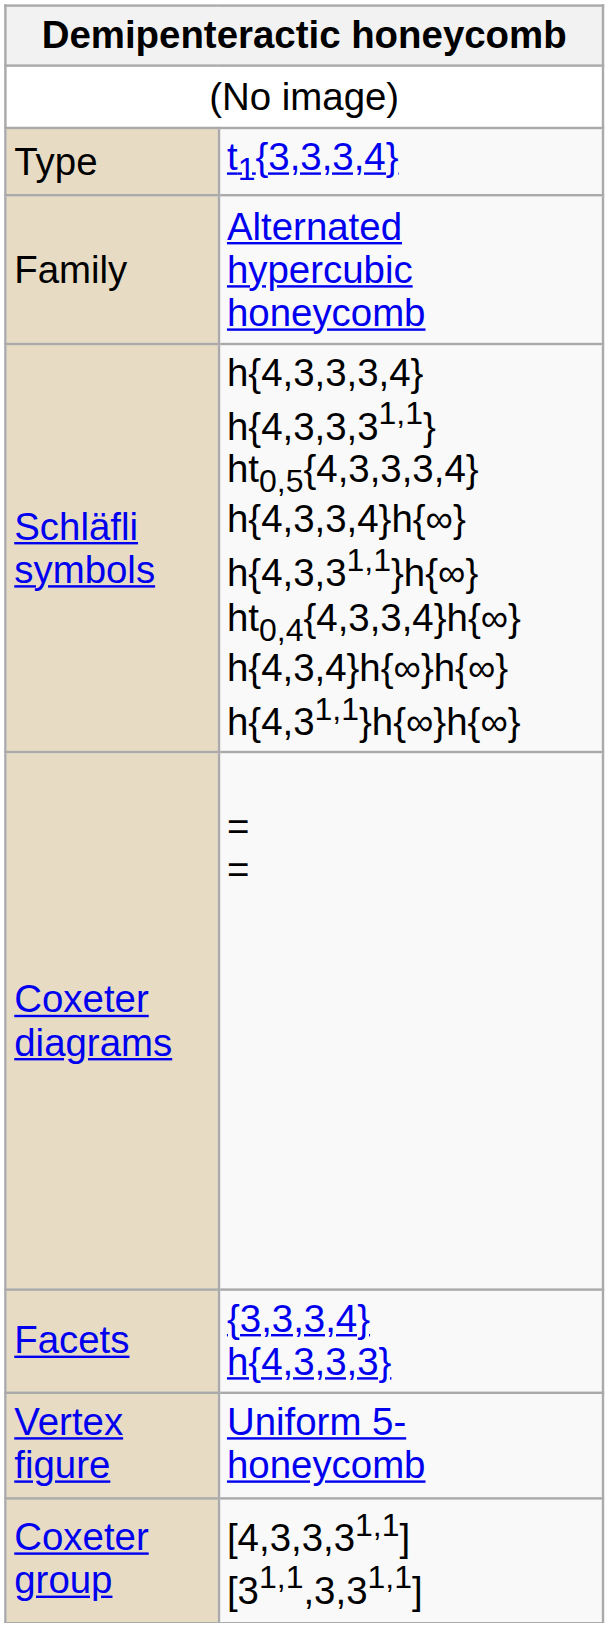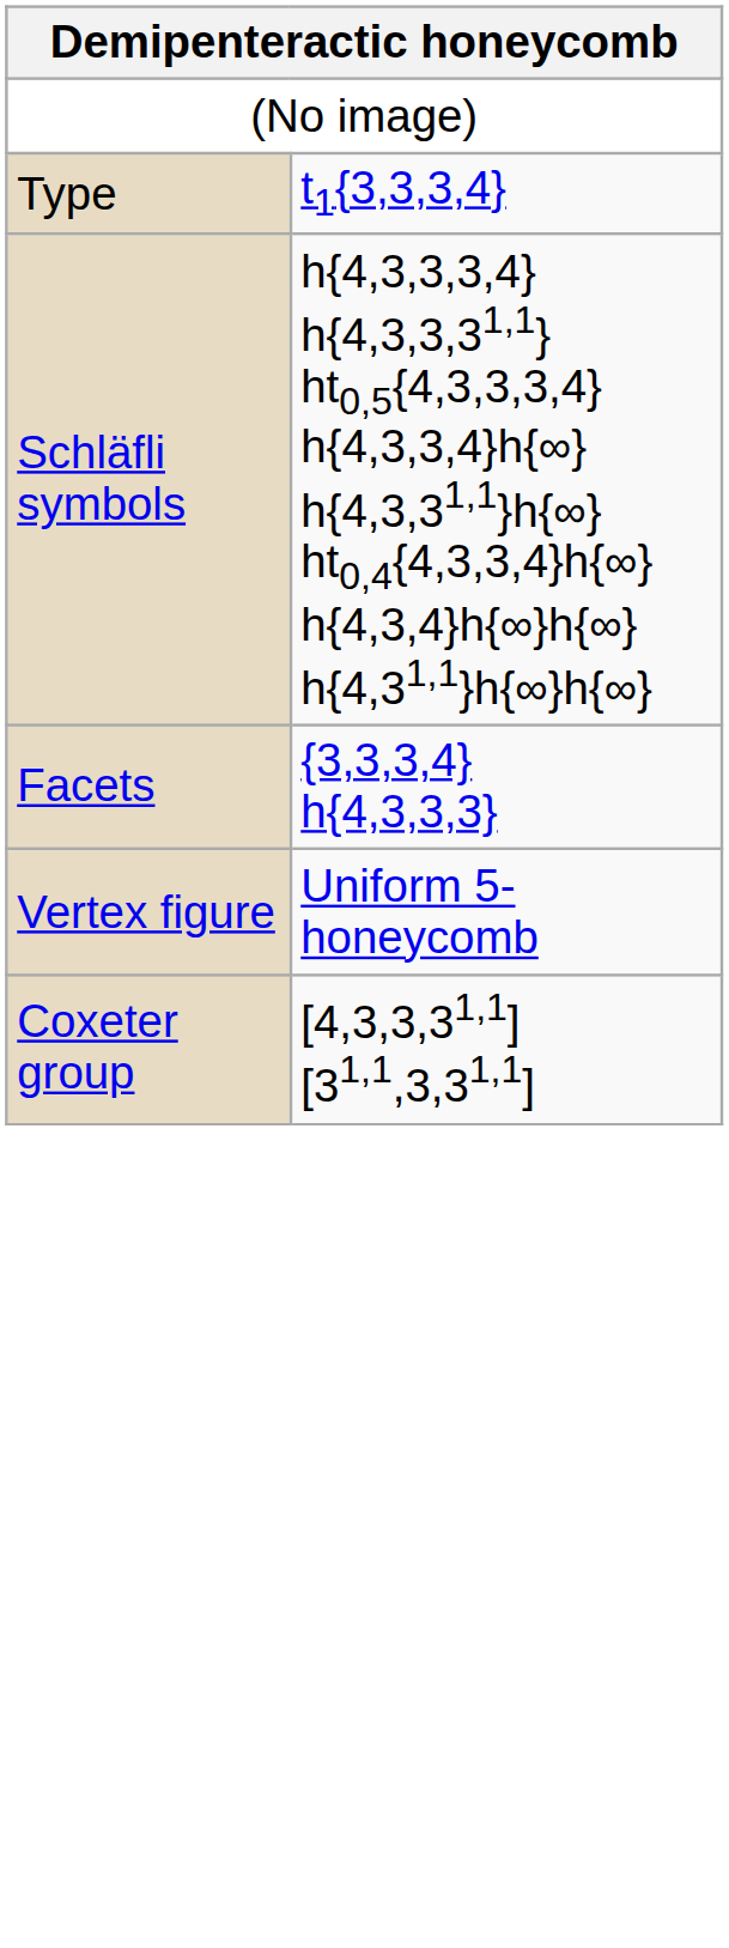 <table class="wikitable" align="right" style="margin-left:10px" width="250">
 <tr>
 <th bgcolor=#e7dcc3 colspan=2>Demipenteractic honeycomb</th>
 </tr>
 <tr>
 <td bgcolor=#ffffff align=center colspan=2>(No image)</td>
 </tr>
 <tr>
 <td bgcolor=#e7dcc3>Type</td>
 <td><a href='#'>t<sub>1</sub>{3,3,3,4}</a> </td>
 </tr>
 <tr>
-<td bgcolor=#e7dcc3>Family</td>
-<td><a href='#'>Alternated hypercubic honeycomb</a></td>
-</tr>
-<tr>
 <td bgcolor=#e7dcc3><a href='#'>Schläfli symbols</a></td>
 <td>h{4,3,3,3,4}<br>h{4,3,3,3<sup>1,1</sup>}<br>ht<sub>0,5</sub>{4,3,3,3,4}<br>h{4,3,3,4}h{∞}<br>h{4,3,3<sup>1,1</sup>}h{∞}<br>ht<sub>0,4</sub>{4,3,3,4}h{∞}<br>h{4,3,4}h{∞}h{∞}<br>h{4,3<sup>1,1</sup>}h{∞}h{∞}</td>
-</tr>
-<tr>
-<td bgcolor=#e7dcc3><a href='#'>Coxeter diagrams</a></td>
-<td><br> =  <br> =  <br> <br> <br> <br> <br> <br> <br> <br> <br> <br></td>
 </tr>
 <tr>
 <td bgcolor=#e7dcc3><a href='#'>Facets</a></td>
 <td><a href='#'>{3,3,3,4}</a> <br><a href='#'>h{4,3,3,3}</a> </td>
 </tr>
 <tr>
 <td bgcolor=#e7dcc3><a href='#'>Vertex figure</a></td>
 <td><a href='#'>Uniform 5-honeycomb</a></td>
 </tr>
 <tr>
 <td bgcolor=#e7dcc3><a href='#'>Coxeter group</a></td>
 <td> [4,3,3,3<sup>1,1</sup>]<br> [3<sup>1,1</sup>,3,3<sup>1,1</sup>]</td>
 </tr>
 </table>
